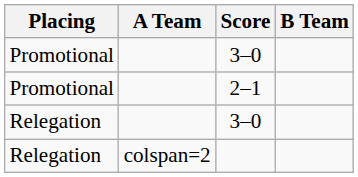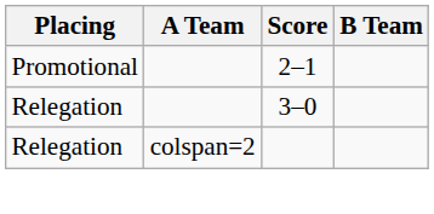 <table class=wikitable style="border:1px solid #AAAAAA;">
 <tr>
 <th>Placing</th>
 <th>A Team</th>
 <th>Score</th>
 <th>B Team</th>
-</tr>
-<tr>
-<td>Promotional</td>
-<td><strong></strong></td>
-<td align="center">3–0</td>
-<td></td>
 </tr>
 <tr>
 <td>Promotional</td>
 <td><strong></strong></td>
 <td align="center">2–1</td>
 <td></td>
 </tr>
 <tr>
 <td>Relegation</td>
 <td><strong></strong></td>
 <td align="center">3–0</td>
 <td><em></em></td>
 </tr>
 <tr>
 <td>Relegation</td>
 <td>colspan=2 </td>
 <td><em></em></td>
 </tr>
 </table>
